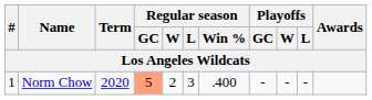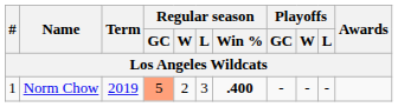 <table class="wikitable" style="text-align:center">
 <tr>
 <th rowspan="2">#</th>
 <th rowspan="2">Name</th>
 <th rowspan="2">Term</th>
 <th colspan="4">Regular season</th>
 <th colspan="3">Playoffs</th>
 <th rowspan="2">Awards</th>
 </tr>
 <tr>
 <th>GC</th>
 <th>W</th>
 <th>L</th>
 <th>Win %</th>
 <th>GC</th>
 <th>W</th>
 <th>L</th>
 </tr>
 <tr>
 <th colspan="11">Los Angeles Wildcats</th>
 </tr>
 <tr>
 <td>1</td>
 <td><a href='#'>Norm Chow</a></td>
-<td><a href='#'>2020</a></td>
+<td><a href='#'>2019</a></td>
 <td style="background: lightsalmon;">5</td>
 <td>2</td>
 <td>3</td>
-<td>.400</td>
+<td><strong>.400</strong></td>
 <td>-</td>
 <td>-</td>
 <td>-</td>
 <td></td>
 </tr>
 </table>
